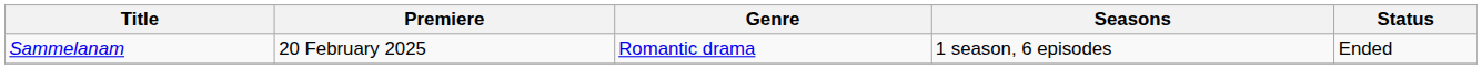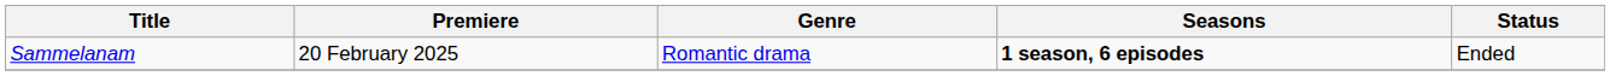 <table class="wikitable sortable" style="width:100%;">
 <tr>
 <th>Title</th>
 <th>Premiere</th>
 <th>Genre</th>
 <th>Seasons</th>
 <th>Status</th>
 </tr>
 <tr>
 <td><a href='#'><em>Sammelanam</em></a></td>
 <td>20 February 2025</td>
 <td><a href='#'>Romantic drama</a></td>
-<td>1 season, 6 episodes</td>
+<td><strong>1 season, 6 episodes</strong></td>
 <td>Ended</td>
 </tr>
 <tr>
 </tr>
 </table>
